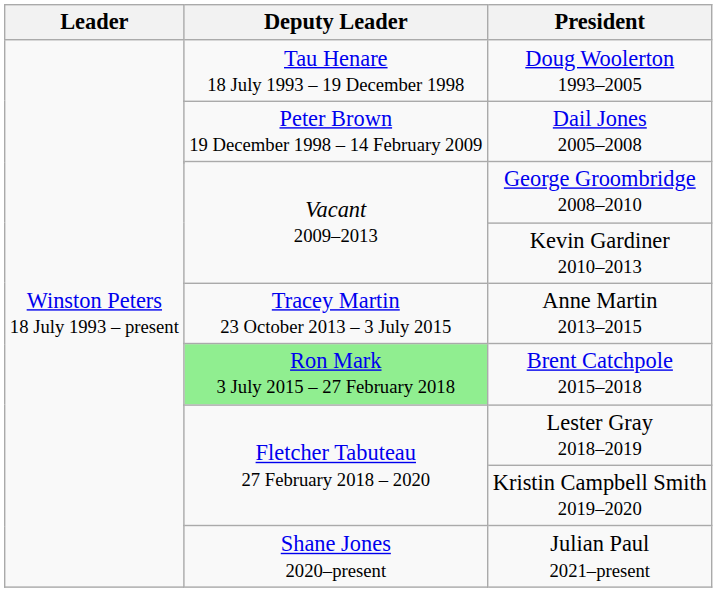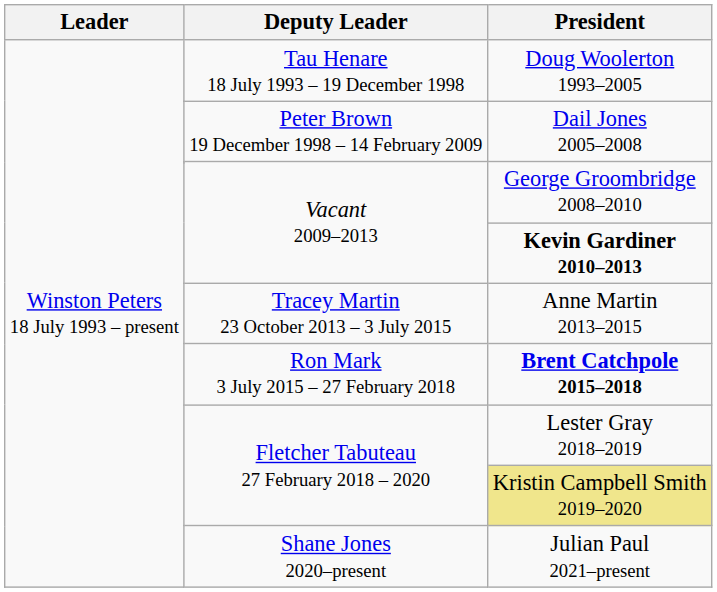 <table class=wikitable style="text-align:center;">
 <tr>
 <th>Leader</th>
 <th>Deputy Leader</th>
 <th>President</th>
 </tr>
 <tr>
 <td rowspan="11"><a href='#'>Winston Peters</a><br><small>18 July 1993 – present</small></td>
 <td><a href='#'>Tau Henare</a><br><small>18 July 1993 – 19 December 1998</small></td>
 <td rowspan="2"><a href='#'>Doug Woolerton</a><br><small>1993–2005</small></td>
 </tr>
 <tr>
 <td rowspan="3"><a href='#'>Peter Brown</a><br><small>19 December 1998 – 14 February 2009</small></td>
 </tr>
 <tr>
 <td><a href='#'>Dail Jones</a><br><small>2005–2008</small></td>
 </tr>
 <tr>
 <td rowspan="2"><a href='#'>George Groombridge</a><br><small>2008–2010</small></td>
 </tr>
 <tr>
 <td rowspan="2"><em>Vacant</em><br><small>2009–2013</small></td>
 </tr>
 <tr>
-<td>Kevin Gardiner<br><small>2010–2013</small></td>
+<td><strong>Kevin Gardiner<br><small>2010–2013</small></strong></td>
 </tr>
 <tr>
 <td><a href='#'>Tracey Martin</a><br><small>23 October 2013 – 3 July 2015</small></td>
 <td>Anne Martin<br><small>2013–2015</small></td>
 </tr>
 <tr>
-<td style="background: lightgreen;"><a href='#'>Ron Mark</a><br><small>3 July 2015 – 27 February 2018</small></td>
-<td><a href='#'>Brent Catchpole</a><br><small>2015–2018</small></td>
+<td><a href='#'>Ron Mark</a><br><small>3 July 2015 – 27 February 2018</small></td>
+<td><strong><a href='#'>Brent Catchpole</a><br><small>2015–2018</small></strong></td>
 </tr>
 <tr>
 <td rowspan="2"><a href='#'>Fletcher Tabuteau</a><br><small>27 February 2018 – 2020</small></td>
 <td>Lester Gray<br><small>2018–2019</small></td>
 </tr>
 <tr>
-<td>Kristin Campbell Smith<br><small>2019–2020</small></td>
+<td style="background: khaki;">Kristin Campbell Smith<br><small>2019–2020</small></td>
 </tr>
 <tr>
 <td><a href='#'>Shane Jones</a><br><small>2020–present</small></td>
 <td>Julian Paul<br><small>2021–present</small></td>
 </tr>
 </table>
